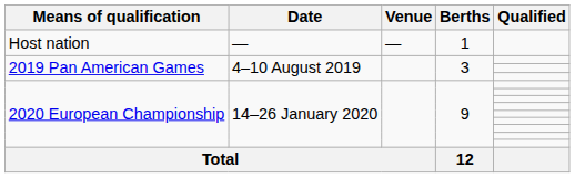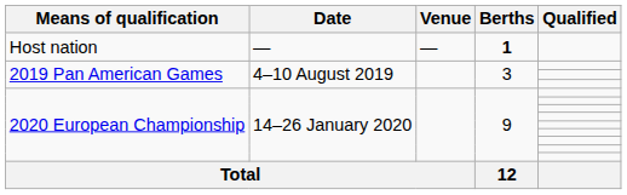 <table class="wikitable">
 <tr>
 <th>Means of qualification</th>
 <th>Date</th>
 <th>Venue</th>
 <th>Berths</th>
 <th>Qualified</th>
 </tr>
 <tr>
 <td>Host nation</td>
 <td>—</td>
 <td>—</td>
-<td style="text-align:center;">1</td>
+<td style="text-align:center;"><strong>1</strong></td>
 <td></td>
 </tr>
 <tr>
 <td rowspan=3><a href='#'>2019 Pan American Games</a></td>
 <td rowspan=3>4–10 August 2019</td>
 <td rowspan=3></td>
 <td rowspan=3 style="text-align:center;">3</td>
 <td></td>
 </tr>
 <tr>
 <td></td>
 </tr>
 <tr>
 <td><s></s></td>
 </tr>
 <tr>
 <td rowspan=9><a href='#'>2020 European Championship</a></td>
 <td rowspan=9>14–26 January 2020</td>
 <td rowspan=9></td>
 <td rowspan=9 style="text-align:center;">9</td>
 <td></td>
 </tr>
 <tr>
 <td></td>
 </tr>
 <tr>
 <td></td>
 </tr>
 <tr>
 <td></td>
 </tr>
 <tr>
 <td></td>
 </tr>
 <tr>
 <td></td>
 </tr>
 <tr>
 <td></td>
 </tr>
 <tr>
 <td></td>
 </tr>
 <tr>
 <td></td>
 </tr>
 <tr>
 <th colspan="3">Total</th>
 <th>12</th>
 <th></th>
 </tr>
 </table>
